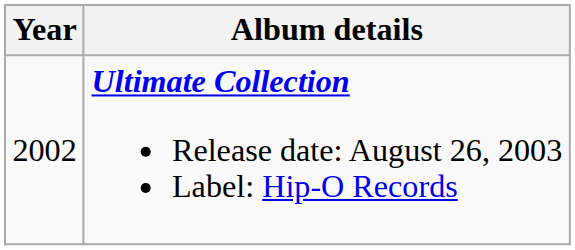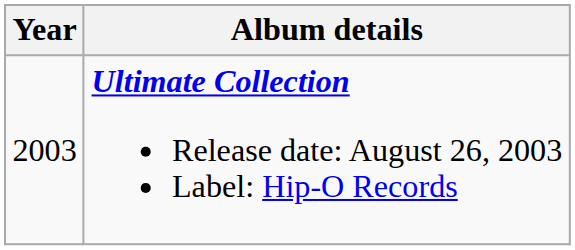 <table class="wikitable" style="text-align:center;">
 <tr>
 <th>Year</th>
 <th>Album details</th>
 </tr>
 <tr>
-<td>2002</td>
+<td>2003</td>
 <td style="text-align:left;"><strong><em><a href='#'>Ultimate Collection</a></em></strong><br><ul><li>Release date: August 26, 2003</li><li>Label: <a href='#'>Hip-O Records</a></li></ul></td>
 </tr>
 </table>
